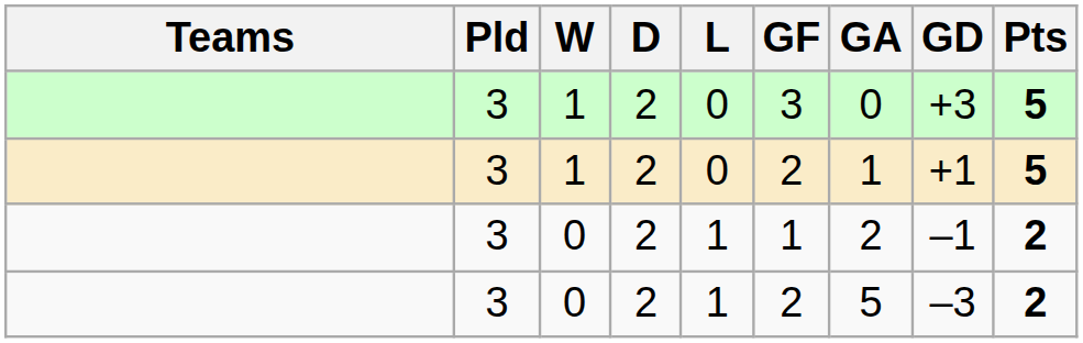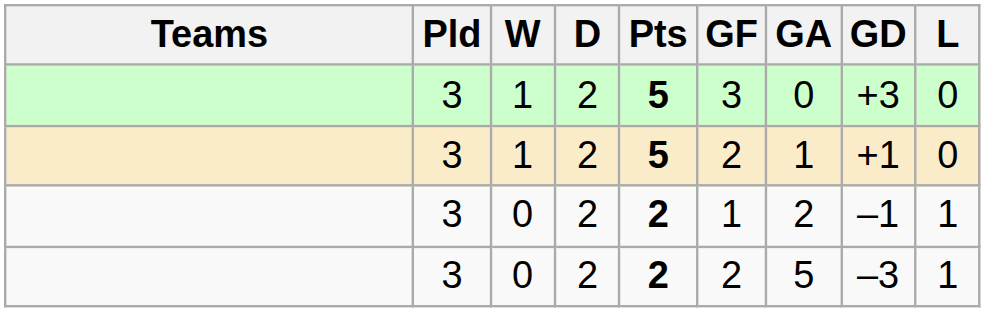 <table class="wikitable" style="text-align: center;">
 <tr>
 <th width=165>Teams</th>
 <th width=20>Pld</th>
 <th width=20>W</th>
 <th width=20>D</th>
-<th width=20>L</th>
+<th width=20>Pts</th>
 <th width=20>GF</th>
 <th width=20>GA</th>
 <th width=20>GD</th>
-<th width=20>Pts</th>
+<th width=20>L</th>
 </tr>
 <tr align=center style="background:#ccffcc;">
 <td style="text-align:left;"></td>
 <td>3</td>
 <td>1</td>
 <td>2</td>
-<td>0</td>
+<td><strong>5</strong></td>
 <td>3</td>
 <td>0</td>
 <td>+3</td>
-<td><strong>5</strong></td>
+<td>0</td>
 </tr>
 <tr align=center style="background:#faecc8;">
 <td style="text-align:left;"></td>
 <td>3</td>
 <td>1</td>
 <td>2</td>
-<td>0</td>
+<td><strong>5</strong></td>
 <td>2</td>
 <td>1</td>
 <td>+1</td>
-<td><strong>5</strong></td>
+<td>0</td>
 </tr>
 <tr align=center>
 <td style="text-align:left;"></td>
 <td>3</td>
 <td>0</td>
 <td>2</td>
-<td>1</td>
+<td><strong>2</strong></td>
 <td>1</td>
 <td>2</td>
 <td>–1</td>
-<td><strong>2</strong></td>
+<td>1</td>
 </tr>
 <tr align=center>
 <td style="text-align:left;"></td>
 <td>3</td>
 <td>0</td>
 <td>2</td>
-<td>1</td>
+<td><strong>2</strong></td>
 <td>2</td>
 <td>5</td>
 <td>–3</td>
-<td><strong>2</strong></td>
+<td>1</td>
 </tr>
 </table>
